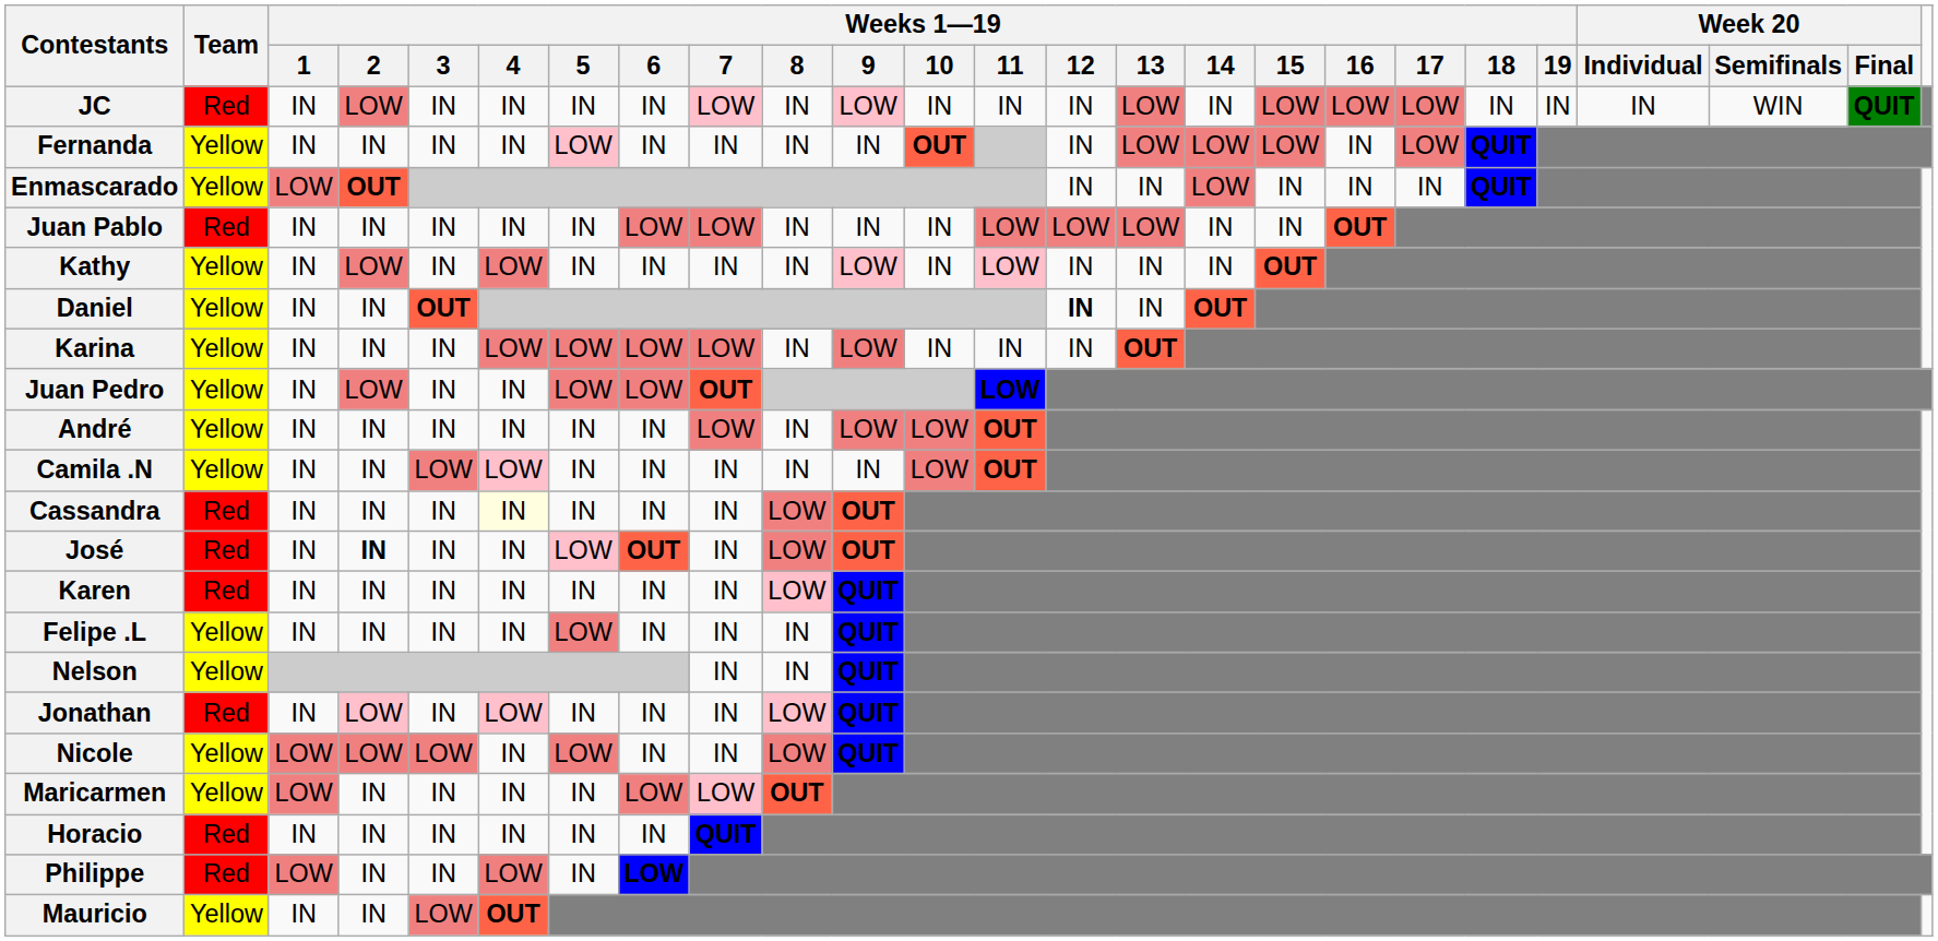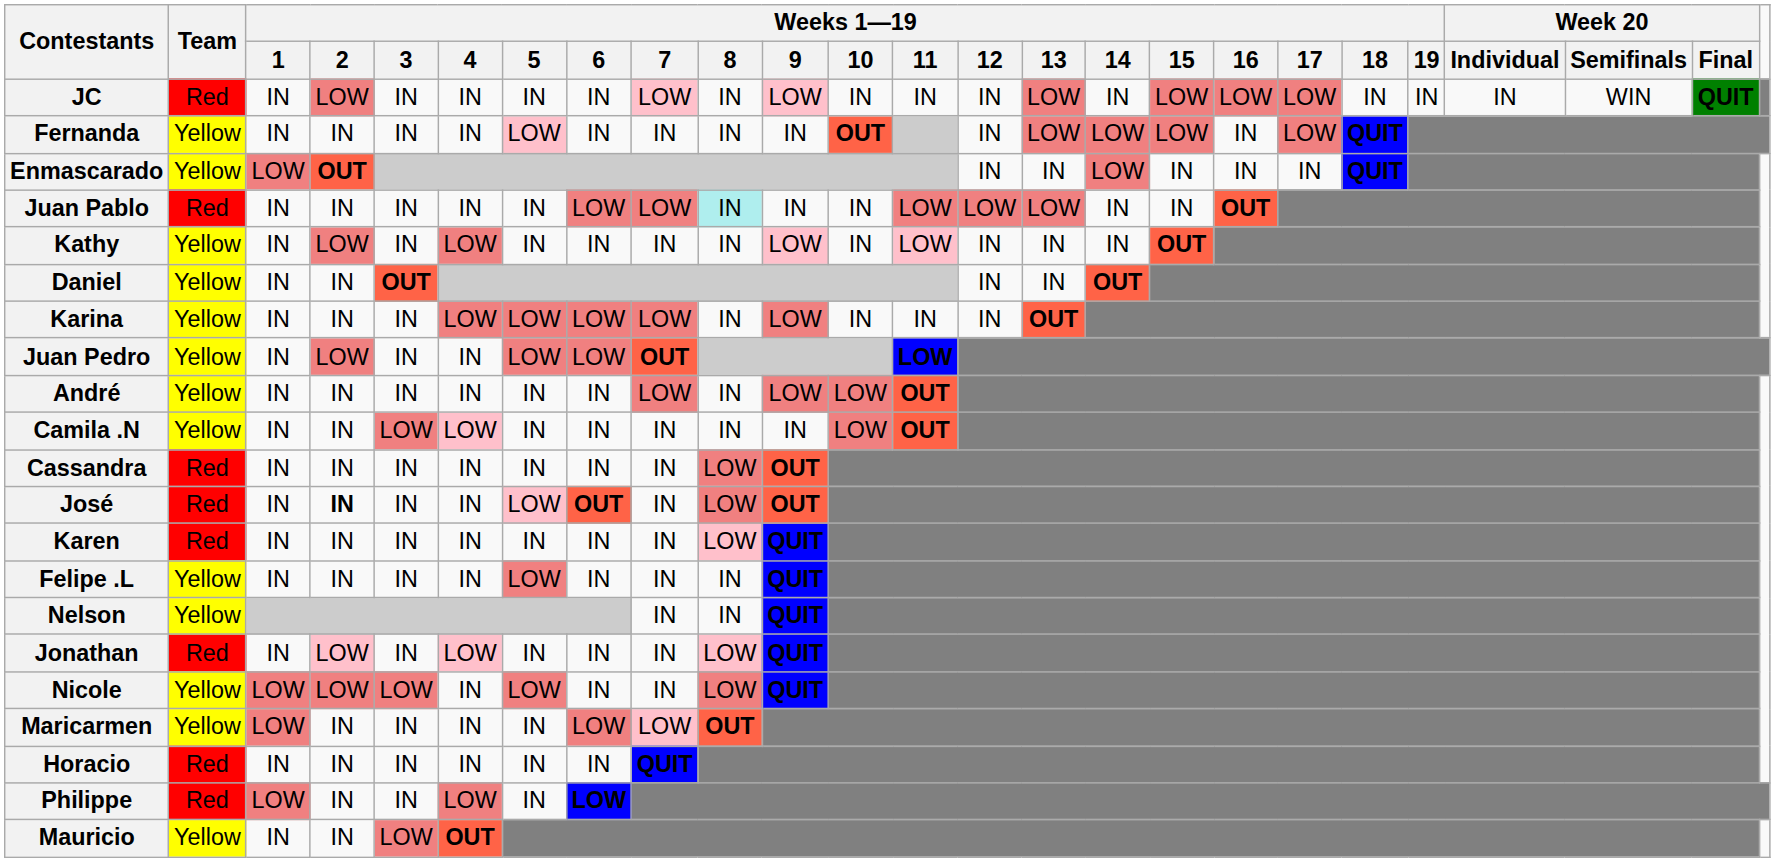 <table class="wikitable" style="text-align:center">
 <tr>
 <th rowspan=2>Contestants</th>
 <th rowspan=2>Team</th>
 <th colspan="19">Weeks 1—19</th>
 <th colspan=3>Week 20</th>
 </tr>
 <tr>
 <th width="10px">1</th>
 <th width="10px">2</th>
 <th width="10px">3</th>
 <th width="10px">4</th>
 <th width="10px">5</th>
 <th width="10px">6</th>
 <th width="10px">7</th>
 <th width="10px">8</th>
 <th width="10px">9</th>
 <th width="10px">10</th>
 <th width="10px">11</th>
 <th width="10px">12</th>
 <th width="10px">13</th>
 <th width="10px">14</th>
 <th width="10px">15</th>
 <th width="10px">16</th>
 <th width="10px">17</th>
 <th width="10px">18</th>
 <th width="10px">19</th>
 <th>Individual</th>
 <th>Semifinals</th>
 <th>Final</th>
 </tr>
 <tr>
 <th>JC</th>
 <td bgcolor="red">Red</td>
 <td>IN</td>
 <td bgcolor="LightCoral">LOW</td>
 <td>IN</td>
 <td>IN</td>
 <td>IN</td>
 <td>IN</td>
 <td bgcolor="pink">LOW</td>
 <td>IN</td>
 <td bgcolor="pink">LOW</td>
 <td>IN</td>
 <td>IN</td>
 <td>IN</td>
 <td bgcolor="LightCoral">LOW</td>
 <td>IN</td>
 <td bgcolor="LightCoral">LOW</td>
 <td bgcolor="LightCoral">LOW</td>
 <td bgcolor="LightCoral">LOW</td>
 <td>IN</td>
 <td>IN</td>
 <td>IN</td>
 <td>WIN</td>
 <td bgcolor="Green"><span><strong>QUIT</strong></span></td>
 <td colspan="8" bgcolor=gray></td>
 </tr>
 <tr>
 <th>Fernanda</th>
 <td bgcolor="yellow">Yellow</td>
 <td>IN</td>
 <td>IN</td>
 <td>IN</td>
 <td>IN</td>
 <td bgcolor="pink">LOW</td>
 <td>IN</td>
 <td>IN</td>
 <td>IN</td>
 <td>IN</td>
 <td bgcolor="tomato"><strong>OUT</strong></td>
 <td bgcolor="#CCCCCC"></td>
 <td>IN</td>
 <td bgcolor="LightCoral">LOW</td>
 <td bgcolor="LightCoral">LOW</td>
 <td bgcolor="LightCoral">LOW</td>
 <td>IN</td>
 <td bgcolor="LightCoral">LOW</td>
 <td bgcolor="BLUE"><span><strong>QUIT</strong></span></td>
 <td colspan="8" bgcolor=gray></td>
 </tr>
 <tr>
 <th>Enmascarado</th>
 <td bgcolor="yellow">Yellow</td>
 <td bgcolor="LightCoral">LOW</td>
 <td bgcolor="tomato"><strong>OUT</strong></td>
 <td colspan="9" bgcolor="#CCCCCC"></td>
 <td>IN</td>
 <td>IN</td>
 <td bgcolor="LightCoral">LOW</td>
 <td>IN</td>
 <td>IN</td>
 <td>IN</td>
 <td bgcolor="BLUE"><span><strong>QUIT</strong></span></td>
 <td colspan="4" bgcolor=gray></td>
 </tr>
 <tr>
 <th>Juan Pablo</th>
 <td bgcolor="red">Red</td>
 <td>IN</td>
 <td>IN</td>
 <td>IN</td>
 <td>IN</td>
 <td>IN</td>
 <td bgcolor="LightCoral">LOW</td>
 <td bgcolor="LightCoral">LOW</td>
-<td>IN</td>
+<td style="background: paleturquoise;">IN</td>
 <td>IN</td>
 <td>IN</td>
 <td bgcolor="LightCoral">LOW</td>
 <td bgcolor="LightCoral">LOW</td>
 <td bgcolor="LightCoral">LOW</td>
 <td>IN</td>
 <td>IN</td>
 <td bgcolor="tomato"><strong>OUT</strong></td>
 <td colspan="6" bgcolor="gray"></td>
 </tr>
 <tr>
 <th>Kathy</th>
 <td bgcolor="yellow">Yellow</td>
 <td>IN</td>
 <td bgcolor="LightCoral">LOW</td>
 <td>IN</td>
 <td bgcolor="LightCoral">LOW</td>
 <td>IN</td>
 <td>IN</td>
 <td>IN</td>
 <td>IN</td>
 <td bgcolor="pink">LOW</td>
 <td>IN</td>
 <td bgcolor="pink">LOW</td>
 <td>IN</td>
 <td>IN</td>
 <td>IN</td>
 <td bgcolor="tomato"><strong>OUT</strong></td>
 <td colspan="7" bgcolor="gray"></td>
 </tr>
 <tr>
 <th>Daniel</th>
 <td bgcolor="yellow">Yellow</td>
 <td>IN</td>
 <td>IN</td>
 <td bgcolor="tomato"><strong>OUT</strong></td>
 <td colspan="8" bgcolor="#CCCCCC"></td>
-<td><strong>IN</strong></td>
+<td>IN</td>
 <td>IN</td>
 <td bgcolor="tomato"><strong>OUT</strong></td>
 <td colspan="8" bgcolor="gray"></td>
 </tr>
 <tr>
 <th>Karina</th>
 <td bgcolor="yellow">Yellow</td>
 <td>IN</td>
 <td>IN</td>
 <td>IN</td>
 <td bgcolor="LightCoral">LOW</td>
 <td bgcolor="LightCoral">LOW</td>
 <td bgcolor="LightCoral">LOW</td>
 <td bgcolor="LightCoral">LOW</td>
 <td>IN</td>
 <td bgcolor="LightCoral">LOW</td>
 <td>IN</td>
 <td>IN</td>
 <td>IN</td>
 <td bgcolor="tomato"><strong>OUT</strong></td>
 <td colspan="9" bgcolor="gray"></td>
 </tr>
 <tr>
 <th>Juan Pedro</th>
 <td bgcolor="yellow">Yellow</td>
 <td>IN</td>
 <td bgcolor="LightCoral">LOW</td>
 <td>IN</td>
 <td>IN</td>
 <td bgcolor="LightCoral">LOW</td>
 <td bgcolor="LightCoral">LOW</td>
 <td bgcolor="tomato"><strong>OUT</strong></td>
 <td colspan="3" bgcolor="#CCCCCC"></td>
 <td bgcolor="BLUE"><span><strong>LOW</strong></span></td>
 <td colspan="13" bgcolor=gray></td>
 </tr>
 <tr>
 <th>André</th>
 <td bgcolor="yellow">Yellow</td>
 <td>IN</td>
 <td>IN</td>
 <td>IN</td>
 <td>IN</td>
 <td>IN</td>
 <td>IN</td>
 <td bgcolor="LightCoral">LOW</td>
 <td>IN</td>
 <td bgcolor="LightCoral">LOW</td>
 <td bgcolor="LightCoral">LOW</td>
 <td bgcolor="tomato"><strong>OUT</strong></td>
 <td colspan="11" bgcolor="gray"></td>
 </tr>
 <tr>
 <th>Camila .N</th>
 <td bgcolor="yellow">Yellow</td>
 <td>IN</td>
 <td>IN</td>
 <td bgcolor="LightCoral">LOW</td>
 <td bgcolor="pink">LOW</td>
 <td>IN</td>
 <td>IN</td>
 <td>IN</td>
 <td>IN</td>
 <td>IN</td>
 <td bgcolor="LightCoral">LOW</td>
 <td bgcolor="tomato"><strong>OUT</strong></td>
 <td colspan="11" bgcolor="gray"></td>
 </tr>
 <tr>
 <th>Cassandra</th>
 <td bgcolor="red">Red</td>
 <td>IN</td>
 <td>IN</td>
 <td>IN</td>
-<td style="background: lightyellow;">IN</td>
+<td>IN</td>
 <td>IN</td>
 <td>IN</td>
 <td>IN</td>
 <td bgcolor="LightCoral">LOW</td>
 <td bgcolor="tomato"><strong>OUT</strong></td>
 <td colspan="13" bgcolor="gray"></td>
 </tr>
 <tr>
 <th>José</th>
 <td bgcolor="red">Red</td>
 <td>IN</td>
 <td><strong>IN</strong></td>
 <td>IN</td>
 <td>IN</td>
 <td bgcolor="pink">LOW</td>
 <td bgcolor="tomato"><strong>OUT</strong></td>
 <td>IN</td>
 <td bgcolor="LightCoral">LOW</td>
 <td bgcolor="tomato"><strong>OUT</strong></td>
 <td colspan="13" bgcolor="gray"></td>
 </tr>
 <tr>
 <th>Karen</th>
 <td bgcolor="red">Red</td>
 <td>IN</td>
 <td>IN</td>
 <td>IN</td>
 <td>IN</td>
 <td>IN</td>
 <td>IN</td>
 <td>IN</td>
 <td bgcolor="pink">LOW</td>
 <td bgcolor="BLUE"><span><strong>QUIT</strong></span></td>
 <td colspan="13" bgcolor=gray></td>
 </tr>
 <tr>
 <th>Felipe .L</th>
 <td bgcolor="yellow">Yellow</td>
 <td>IN</td>
 <td>IN</td>
 <td>IN</td>
 <td>IN</td>
 <td bgcolor="LightCoral">LOW</td>
 <td>IN</td>
 <td>IN</td>
 <td>IN</td>
 <td bgcolor="BLUE"><span><strong>QUIT</strong></span></td>
 <td colspan="13" bgcolor=gray></td>
 </tr>
 <tr>
 <th>Nelson</th>
 <td bgcolor="yellow">Yellow</td>
 <td colspan="6" bgcolor="#CCCCCC"></td>
 <td>IN</td>
 <td>IN</td>
 <td bgcolor="BLUE"><span><strong>QUIT</strong></span></td>
 <td colspan="13" bgcolor=gray></td>
 </tr>
 <tr>
 <th>Jonathan</th>
 <td bgcolor="red">Red</td>
 <td>IN</td>
 <td bgcolor="pink">LOW</td>
 <td>IN</td>
 <td bgcolor="pink">LOW</td>
 <td>IN</td>
 <td>IN</td>
 <td>IN</td>
 <td bgcolor="pink">LOW</td>
 <td bgcolor="BLUE"><span><strong>QUIT</strong></span></td>
 <td colspan="13" bgcolor=gray></td>
 </tr>
 <tr>
 <th>Nicole</th>
 <td bgcolor="yellow">Yellow</td>
 <td bgcolor="LightCoral">LOW</td>
 <td bgcolor="LightCoral">LOW</td>
 <td bgcolor="LightCoral">LOW</td>
 <td>IN</td>
 <td bgcolor="LightCoral">LOW</td>
 <td>IN</td>
 <td>IN</td>
 <td bgcolor="LightCoral">LOW</td>
 <td bgcolor="BLUE"><span><strong>QUIT</strong></span></td>
 <td colspan="13" bgcolor=gray></td>
 </tr>
 <tr>
 <th>Maricarmen</th>
 <td bgcolor="yellow">Yellow</td>
 <td bgcolor="LightCoral">LOW</td>
 <td>IN</td>
 <td>IN</td>
 <td>IN</td>
 <td>IN</td>
 <td bgcolor="LightCoral">LOW</td>
 <td bgcolor="pink">LOW</td>
 <td bgcolor="tomato"><strong>OUT</strong></td>
 <td colspan="14" bgcolor="gray"></td>
 </tr>
 <tr>
 <th>Horacio</th>
 <td bgcolor="red">Red</td>
 <td>IN</td>
 <td>IN</td>
 <td>IN</td>
 <td>IN</td>
 <td>IN</td>
 <td>IN</td>
 <td bgcolor="BLUE"><span><strong>QUIT</strong></span></td>
 <td colspan="15" bgcolor=gray></td>
 </tr>
 <tr>
 <th>Philippe</th>
 <td bgcolor="red">Red</td>
 <td bgcolor="LightCoral">LOW</td>
 <td>IN</td>
 <td>IN</td>
 <td bgcolor="LightCoral">LOW</td>
 <td>IN</td>
 <td bgcolor="BLUE"><span><strong>LOW</strong></span></td>
 <td colspan="17" bgcolor=gray></td>
 </tr>
 <tr>
 <th>Mauricio</th>
 <td bgcolor="yellow">Yellow</td>
 <td>IN</td>
 <td>IN</td>
 <td bgcolor="LightCoral">LOW</td>
 <td bgcolor="tomato"><strong>OUT</strong></td>
 <td colspan="18" bgcolor="gray"></td>
 </tr>
 </table>
